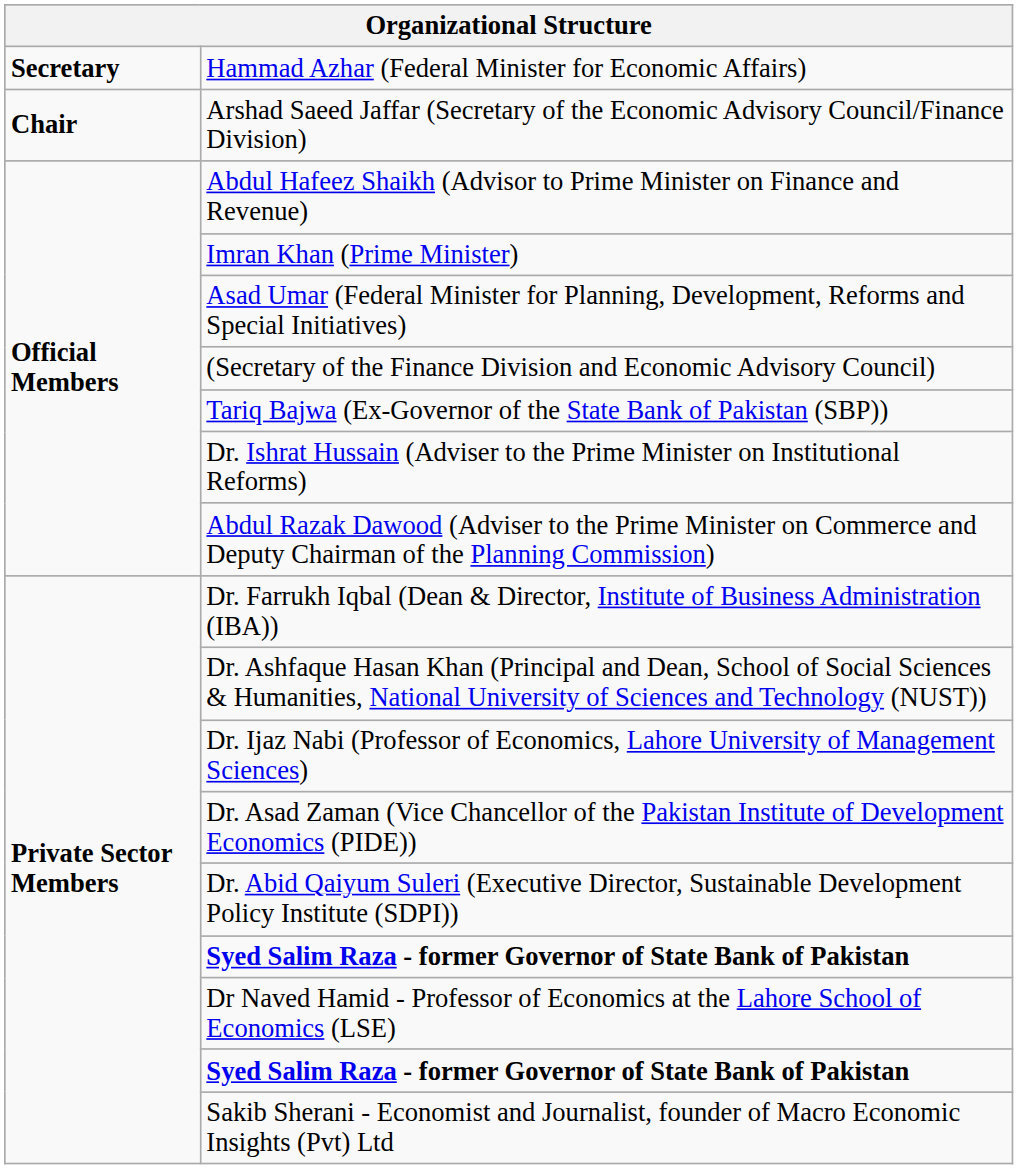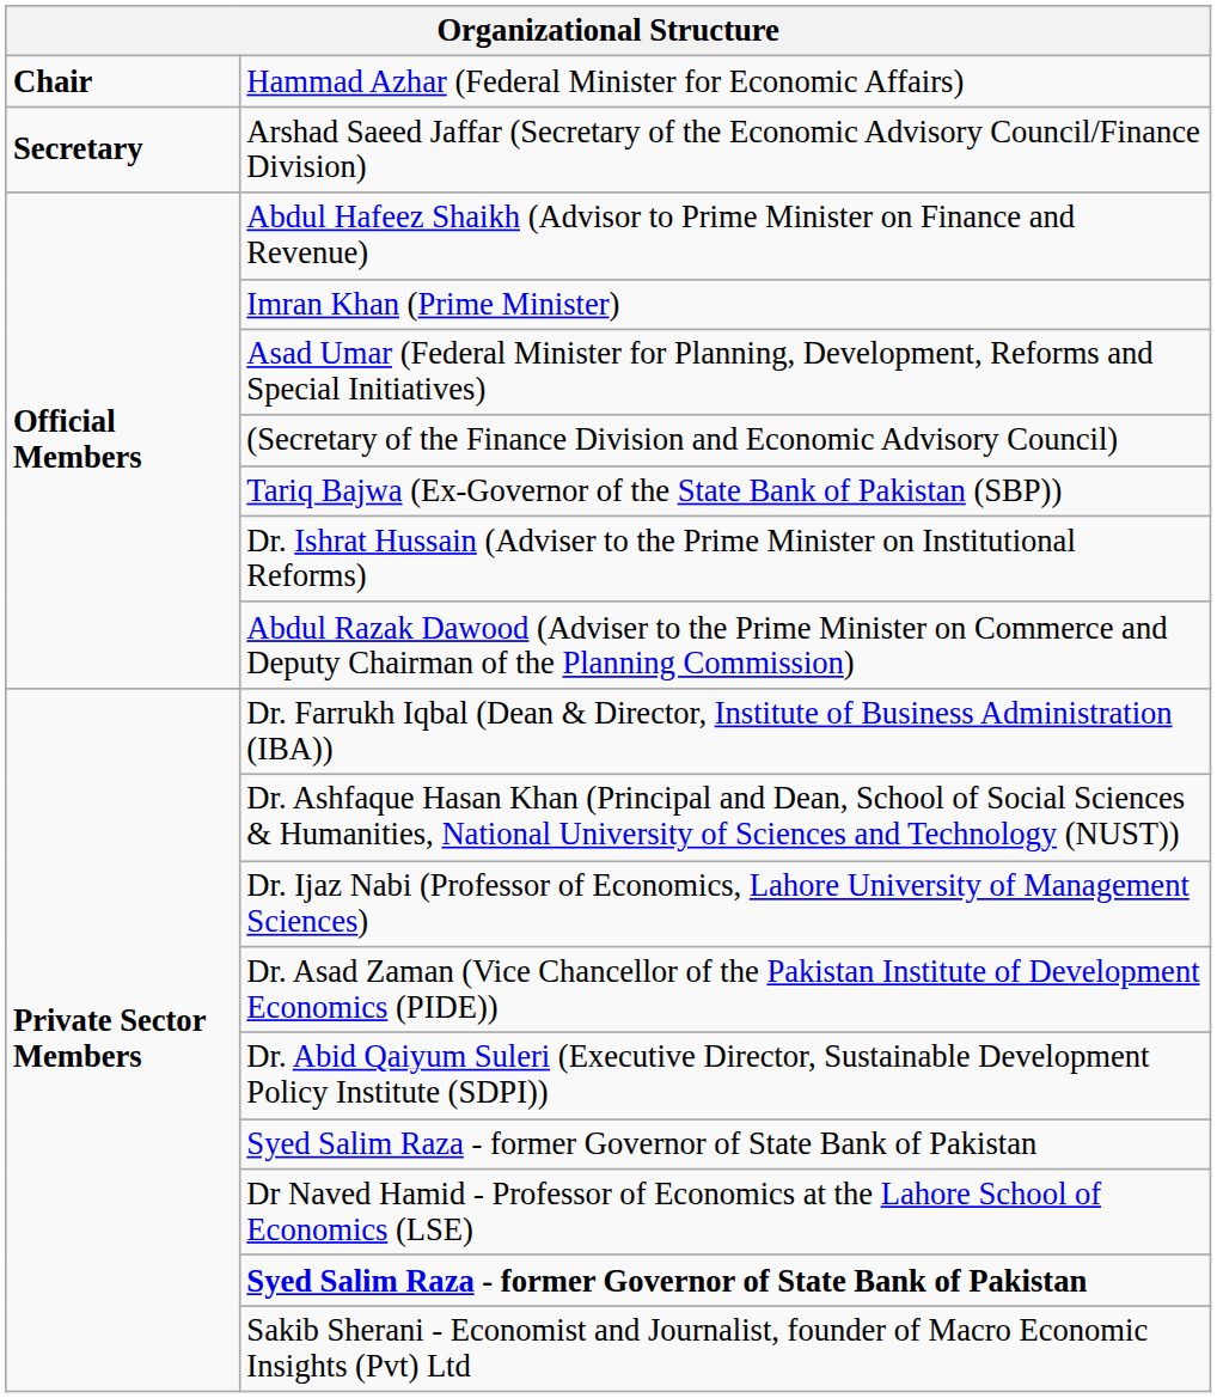 <table class="wikitable">
 <tr>
 <th colspan="2">Organizational Structure</th>
 </tr>
 <tr>
-<td><strong>Secretary</strong></td>
+<td><strong>Chair</strong></td>
 <td><a href='#'>Hammad Azhar</a> (Federal Minister for Economic Affairs)</td>
 </tr>
 <tr>
-<td><strong>Chair</strong></td>
+<td><strong>Secretary</strong></td>
 <td>Arshad Saeed Jaffar (Secretary of the Economic Advisory Council/Finance Division)</td>
 </tr>
 <tr>
 <td rowspan="7"><strong>Official Members</strong></td>
 <td><a href='#'>Abdul Hafeez Shaikh</a> (Advisor to Prime Minister on Finance and Revenue)</td>
 </tr>
 <tr>
 <td><a href='#'>Imran Khan</a> (<a href='#'>Prime Minister</a>)</td>
 </tr>
 <tr>
 <td><a href='#'>Asad Umar</a> (Federal Minister for Planning, Development, Reforms and Special Initiatives)</td>
 </tr>
 <tr>
 <td>(Secretary of the Finance Division and Economic Advisory Council)</td>
 </tr>
 <tr>
 <td><a href='#'>Tariq Bajwa</a> (Ex-Governor of the <a href='#'>State Bank of Pakistan</a> (SBP))</td>
 </tr>
 <tr>
 <td>Dr. <a href='#'>Ishrat Hussain</a> (Adviser to the Prime Minister on Institutional Reforms)</td>
 </tr>
 <tr>
 <td><a href='#'>Abdul Razak Dawood</a> (Adviser to the Prime Minister on Commerce and Deputy Chairman of the <a href='#'>Planning Commission</a>)</td>
 </tr>
 <tr>
 <td rowspan="9"><strong>Private Sector Members</strong></td>
 <td>Dr. Farrukh Iqbal (Dean & Director, <a href='#'>Institute of Business Administration</a> (IBA))</td>
 </tr>
 <tr>
 <td>Dr. Ashfaque Hasan Khan (Principal and Dean, School of Social Sciences & Humanities, <a href='#'>National University of Sciences and Technology</a> (NUST))</td>
 </tr>
 <tr>
 <td>Dr. Ijaz Nabi (Professor of Economics, <a href='#'>Lahore University of Management Sciences</a>)</td>
 </tr>
 <tr>
 <td>Dr. Asad Zaman (Vice Chancellor of the <a href='#'>Pakistan Institute of Development Economics</a> (PIDE))</td>
 </tr>
 <tr>
 <td>Dr. <a href='#'>Abid Qaiyum Suleri</a> (Executive Director, Sustainable Development Policy Institute (SDPI))</td>
 </tr>
 <tr>
-<td><strong><a href='#'>Syed Salim Raza</a> - former Governor of State Bank of Pakistan</strong></td>
+<td><a href='#'>Syed Salim Raza</a> - former Governor of State Bank of Pakistan</td>
 </tr>
 <tr>
 <td>Dr Naved Hamid - Professor of Economics at the <a href='#'>Lahore School of Economics</a> (LSE)</td>
 </tr>
 <tr>
 <td><strong><a href='#'>Syed Salim Raza</a> - former Governor of State Bank of Pakistan</strong></td>
 </tr>
 <tr>
 <td>Sakib Sherani - Economist and Journalist, founder of Macro Economic Insights (Pvt) Ltd</td>
 </tr>
 </table>
